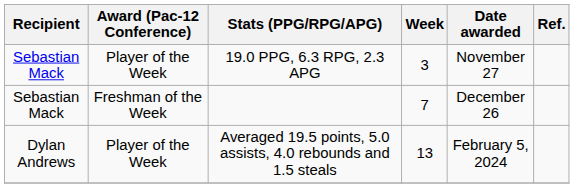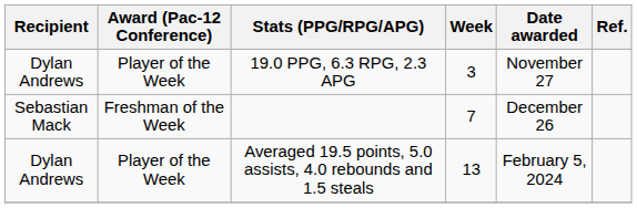 <table class="wikitable sortable" style="text-align:center">
 <tr>
 <th>Recipient</th>
 <th>Award (Pac-12 Conference)</th>
 <th>Stats (PPG/RPG/APG)</th>
 <th>Week</th>
 <th>Date awarded</th>
 <th>Ref.</th>
 </tr>
 <tr>
-<td><a href='#'>Sebastian Mack</a></td>
+<td>Dylan Andrews</td>
 <td>Player of the Week</td>
 <td>19.0 PPG, 6.3 RPG, 2.3 APG</td>
 <td>3</td>
 <td>November 27</td>
 <td></td>
 </tr>
 <tr>
 <td>Sebastian Mack</td>
 <td>Freshman of the Week</td>
 <td></td>
 <td>7</td>
 <td>December 26</td>
 <td></td>
 </tr>
 <tr>
 <td>Dylan Andrews</td>
 <td>Player of the Week</td>
 <td>Averaged 19.5 points, 5.0 assists, 4.0 rebounds and 1.5 steals</td>
 <td>13</td>
 <td>February 5, 2024</td>
 <td></td>
 </tr>
 <tr>
 </tr>
 </table>
